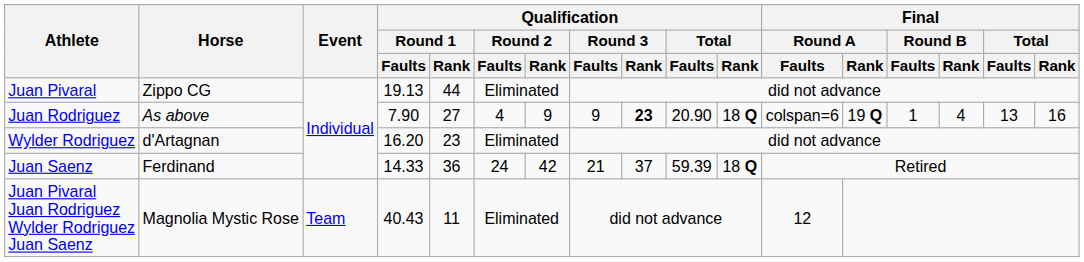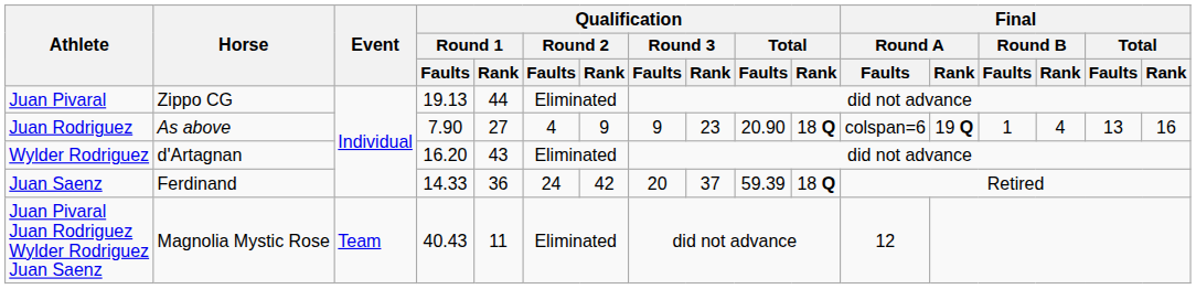 <table class=wikitable style=font-size:90%;text-align:center>
 <tr>
 <th rowspan=3>Athlete</th>
 <th rowspan=3>Horse</th>
 <th rowspan=3>Event</th>
 <th colspan=8>Qualification</th>
 <th colspan=6>Final</th>
 </tr>
 <tr style=font-size:95%>
 <th colspan=2>Round 1</th>
 <th colspan=2>Round 2</th>
 <th colspan=2>Round 3</th>
 <th colspan=2>Total</th>
 <th colspan=2>Round A</th>
 <th colspan=2>Round B</th>
 <th colspan=2>Total</th>
 </tr>
 <tr style=font-size:95%>
 <th>Faults</th>
 <th>Rank</th>
 <th>Faults</th>
 <th>Rank</th>
 <th>Faults</th>
 <th>Rank</th>
 <th>Faults</th>
 <th>Rank</th>
 <th>Faults</th>
 <th>Rank</th>
 <th>Faults</th>
 <th>Rank</th>
 <th>Faults</th>
 <th>Rank</th>
 </tr>
 <tr>
 <td align=left><a href='#'>Juan Pivaral</a></td>
 <td align=left>Zippo CG</td>
 <td align=left rowspan=4><a href='#'>Individual</a></td>
 <td>19.13</td>
 <td>44</td>
 <td colspan=2>Eliminated</td>
 <td colspan=10>did not advance</td>
 </tr>
 <tr>
 <td align=left><a href='#'>Juan Rodriguez</a></td>
 <td align=left><em>As above</em></td>
 <td>7.90</td>
 <td>27</td>
 <td>4</td>
 <td>9</td>
 <td>9</td>
-<td><strong>23</strong></td>
+<td>23</td>
 <td>20.90</td>
 <td>18 <strong>Q</strong></td>
 <td>colspan=6 </td>
 <td>19 <strong>Q</strong></td>
 <td>1</td>
 <td>4</td>
 <td>13</td>
 <td>16</td>
 </tr>
 <tr>
 <td align=left><a href='#'>Wylder Rodriguez</a></td>
 <td align=left>d'Artagnan</td>
 <td>16.20</td>
-<td>23</td>
+<td>43</td>
 <td colspan=2>Eliminated</td>
 <td colspan=10>did not advance</td>
 </tr>
 <tr>
 <td align=left><a href='#'>Juan Saenz</a></td>
 <td align=left>Ferdinand</td>
 <td>14.33</td>
 <td>36</td>
 <td>24</td>
 <td>42</td>
-<td>21</td>
+<td>20</td>
 <td>37</td>
 <td>59.39</td>
 <td>18 <strong>Q</strong></td>
 <td colspan=6>Retired</td>
 </tr>
 <tr>
 <td align=left><a href='#'>Juan Pivaral</a><br><a href='#'>Juan Rodriguez</a><br><a href='#'>Wylder Rodriguez</a><br><a href='#'>Juan Saenz</a></td>
 <td align=left>Magnolia Mystic Rose</td>
 <td align=left><a href='#'>Team</a></td>
 <td>40.43</td>
 <td>11</td>
 <td colspan=2>Eliminated</td>
 <td colspan=4>did not advance</td>
 <td>12</td>
 </tr>
 </table>
